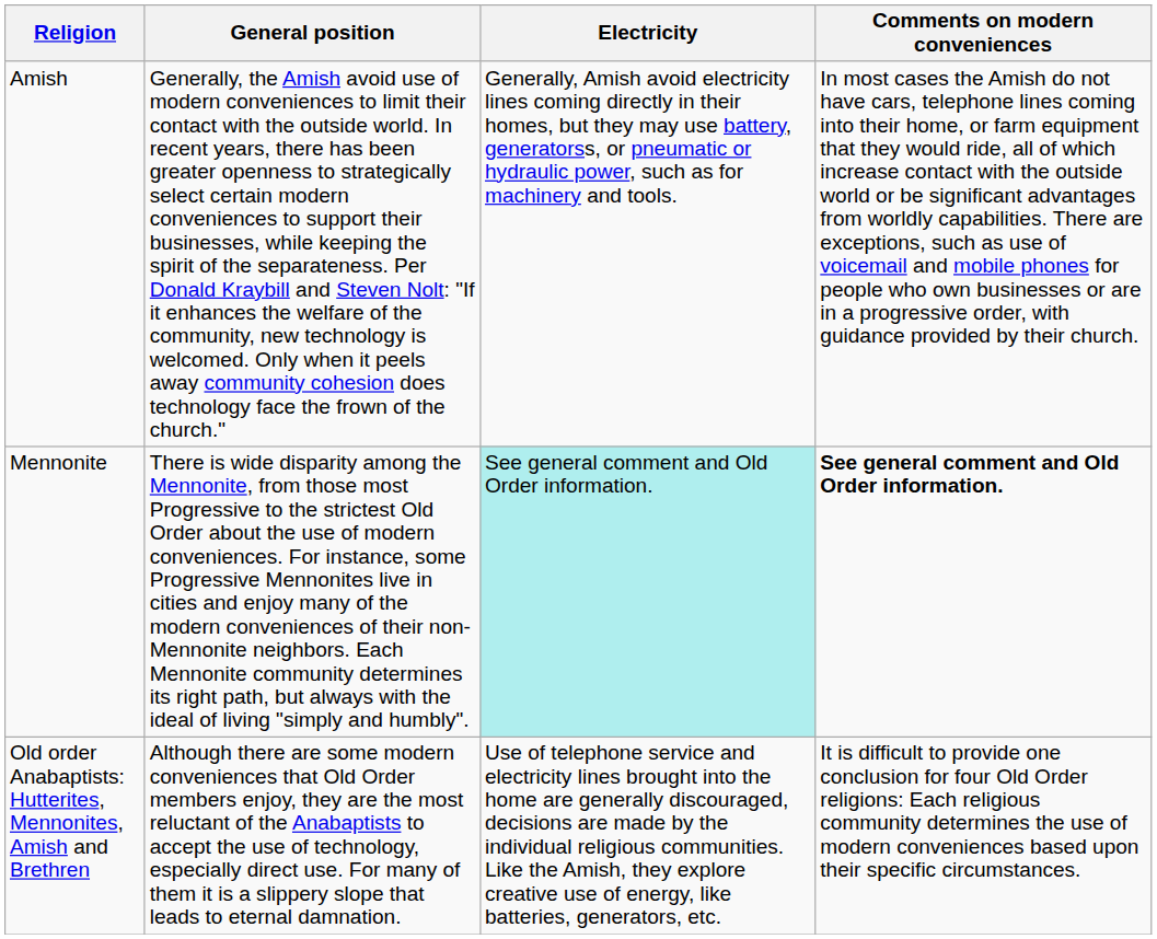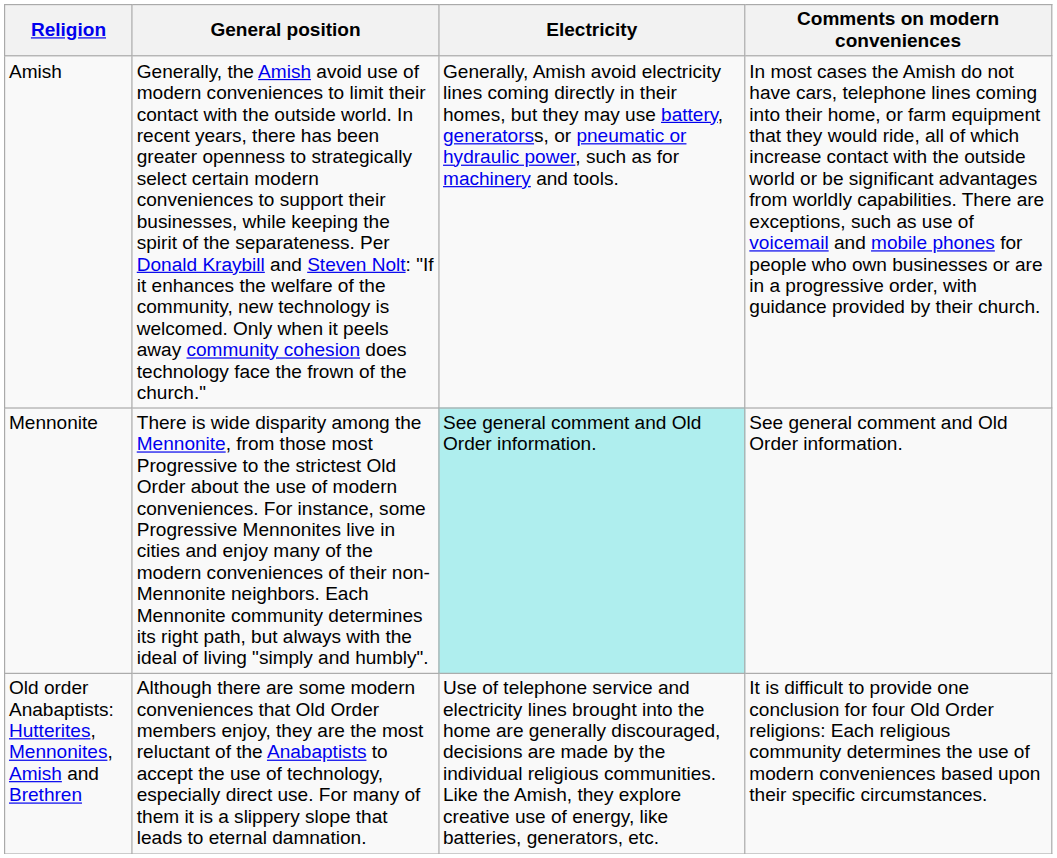 <table class="wikitable sortable">
 <tr>
 <th scope="col" width="100"><a href='#'>Religion</a></th>
 <th scope="col" width="250">General position</th>
 <th scope="col" width="250">Electricity</th>
 <th scope="col" width="250">Comments on modern conveniences</th>
 </tr>
 <tr valign="top">
 <td>Amish</td>
 <td>Generally, the <a href='#'>Amish</a> avoid use of modern conveniences to limit their contact with the outside world.  In recent years, there has been greater openness to strategically select certain modern conveniences to support their businesses, while keeping the spirit of the separateness. Per <a href='#'>Donald Kraybill</a> and <a href='#'>Steven Nolt</a>: "If it enhances the welfare of the community, new technology is welcomed.  Only when it peels away <a href='#'>community cohesion</a> does technology face the frown of the church."</td>
 <td>Generally, Amish avoid electricity lines coming directly in their homes, but they may use <a href='#'>battery</a>, <a href='#'>generators</a>s, or <a href='#'>pneumatic or hydraulic power</a>, such as for <a href='#'>machinery</a> and tools.</td>
 <td>In most cases the Amish do not have cars, telephone lines coming into their home, or farm equipment that they would ride, all of which increase contact with the outside world or be significant advantages from worldly capabilities. There are exceptions, such as use of <a href='#'>voicemail</a> and <a href='#'>mobile phones</a> for people who own businesses or are in a progressive order, with guidance provided by their church.</td>
 </tr>
 <tr valign="top">
 <td>Mennonite</td>
 <td>There is wide disparity among the <a href='#'>Mennonite</a>, from those most Progressive to the strictest Old Order about the use of modern conveniences. For instance, some Progressive Mennonites live in cities and enjoy many of the modern conveniences of their non-Mennonite neighbors. Each Mennonite community determines its right path, but always with the ideal of living "simply and humbly".</td>
 <td style="background: paleturquoise;">See general comment and Old Order information.</td>
-<td><strong>See general comment and Old Order information.</strong></td>
+<td>See general comment and Old Order information.</td>
 </tr>
 <tr valign="top">
 <td>Old order Anabaptists: <a href='#'>Hutterites</a>, <a href='#'>Mennonites</a>, <a href='#'>Amish</a> and <a href='#'>Brethren</a></td>
 <td>Although there are some modern conveniences that Old Order members enjoy, they are the most reluctant of the <a href='#'>Anabaptists</a> to accept the use of technology, especially direct use.  For many of them it is a slippery slope that leads to eternal damnation.</td>
 <td>Use of telephone service and electricity lines brought into the home are generally discouraged, decisions are made by the individual religious communities.  Like the Amish, they explore creative use of energy, like batteries, generators, etc.</td>
 <td>It is difficult to provide one conclusion for four Old Order religions: Each religious community determines the use of modern conveniences based upon their specific circumstances.</td>
 </tr>
 <tr>
 </tr>
 </table>
